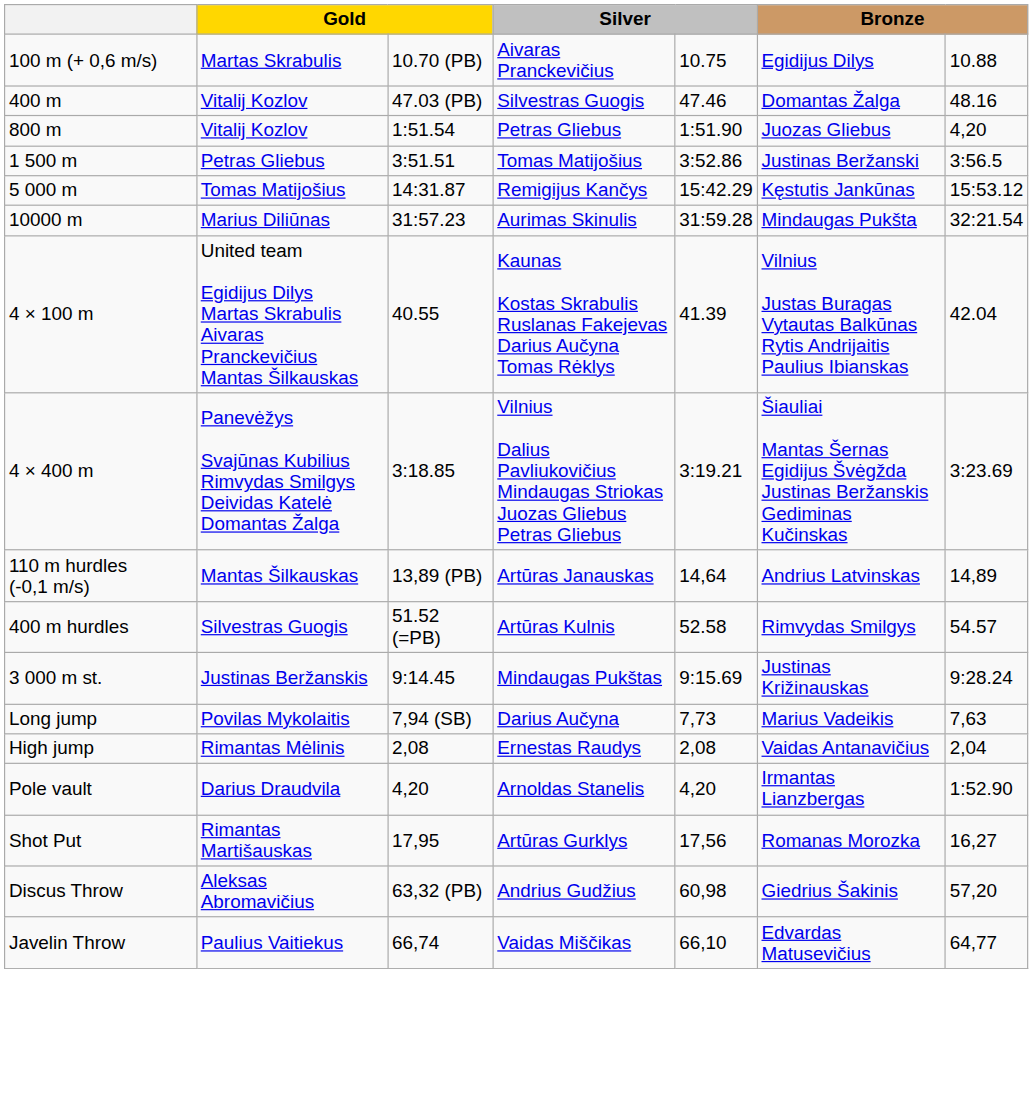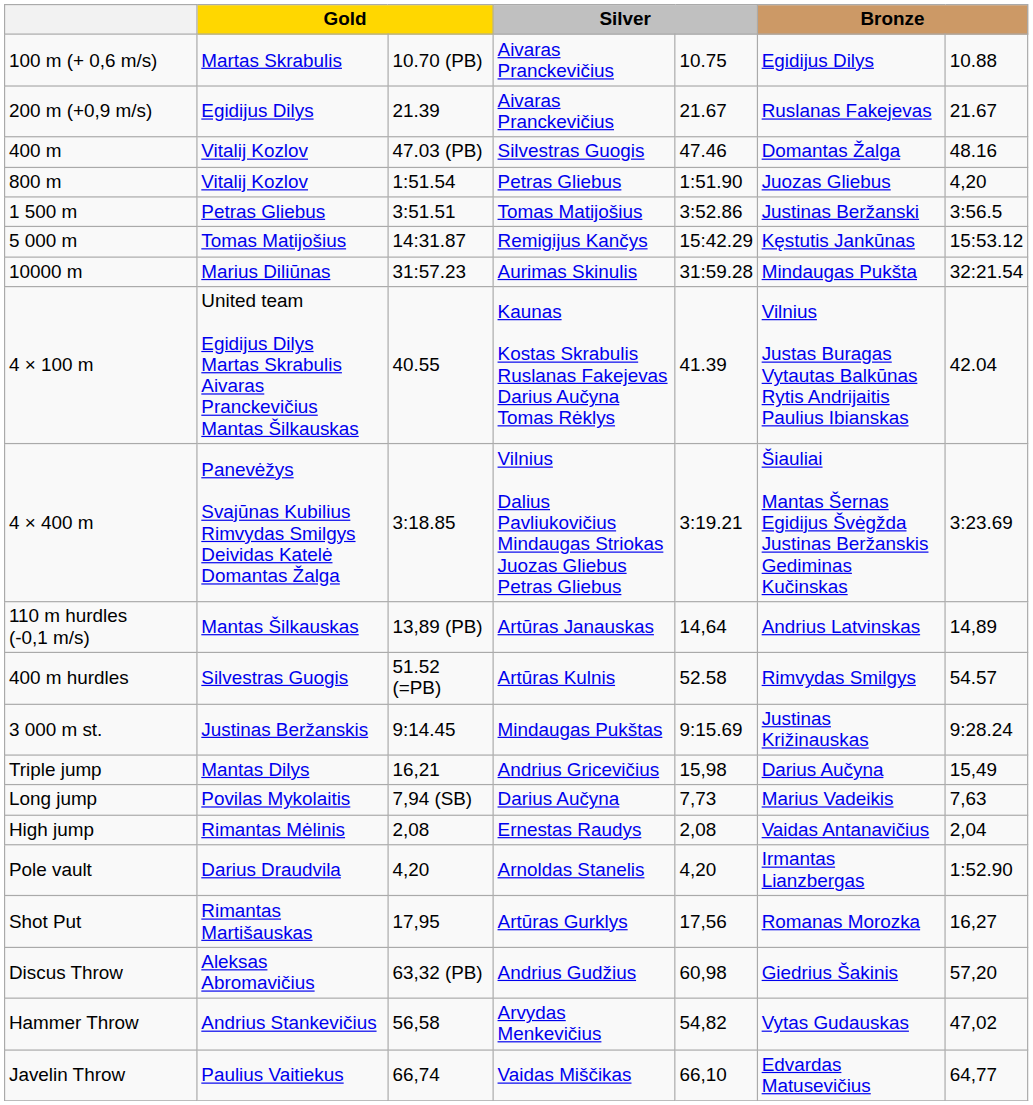 <table class="wikitable">
 <tr>
 <th></th>
 <th style="background:gold;" colspan=2>Gold</th>
 <th style="background:silver;" colspan=2>Silver</th>
 <th style="background:#CC9966;" colspan=2>Bronze</th>
 </tr>
 <tr>
 <td>100 m (+ 0,6 m/s)</td>
 <td><a href='#'>Martas Skrabulis</a></td>
 <td>10.70 (PB)</td>
 <td><a href='#'>Aivaras Pranckevičius</a></td>
 <td>10.75</td>
 <td><a href='#'>Egidijus Dilys</a></td>
 <td>10.88</td>
+</tr>
+<tr>
+<td>200 m (+0,9 m/s)</td>
+<td><a href='#'>Egidijus Dilys</a></td>
+<td>21.39</td>
+<td><a href='#'>Aivaras Pranckevičius</a></td>
+<td>21.67</td>
+<td><a href='#'>Ruslanas Fakejevas</a></td>
+<td>21.67</td>
 </tr>
 <tr>
 <td>400 m</td>
 <td><a href='#'>Vitalij Kozlov</a></td>
 <td>47.03 (PB)</td>
 <td><a href='#'>Silvestras Guogis</a></td>
 <td>47.46</td>
 <td><a href='#'>Domantas Žalga</a></td>
 <td>48.16</td>
 </tr>
 <tr>
 <td>800 m</td>
 <td><a href='#'>Vitalij Kozlov</a></td>
 <td>1:51.54</td>
 <td><a href='#'>Petras Gliebus</a></td>
 <td>1:51.90</td>
 <td><a href='#'>Juozas Gliebus</a></td>
 <td>4,20</td>
 </tr>
 <tr>
 <td>1 500 m</td>
 <td><a href='#'>Petras Gliebus</a></td>
 <td>3:51.51</td>
 <td><a href='#'>Tomas Matijošius</a></td>
 <td>3:52.86</td>
 <td><a href='#'>Justinas Beržanski</a></td>
 <td>3:56.5</td>
 </tr>
 <tr>
 <td>5 000 m</td>
 <td><a href='#'>Tomas Matijošius</a></td>
 <td>14:31.87</td>
 <td><a href='#'>Remigijus Kančys</a></td>
 <td>15:42.29</td>
 <td><a href='#'>Kęstutis Jankūnas</a></td>
 <td>15:53.12</td>
 </tr>
 <tr>
 <td>10000 m</td>
 <td><a href='#'>Marius Diliūnas</a></td>
 <td>31:57.23</td>
 <td><a href='#'>Aurimas Skinulis</a></td>
 <td>31:59.28</td>
 <td><a href='#'>Mindaugas Pukšta</a></td>
 <td>32:21.54</td>
 </tr>
 <tr>
 <td>4 × 100 m</td>
 <td>United team <br><br><a href='#'>Egidijus Dilys</a> <br> <a href='#'>Martas Skrabulis</a> <br> <a href='#'>Aivaras Pranckevičius</a> <br> <a href='#'>Mantas Šilkauskas</a></td>
 <td>40.55</td>
 <td><a href='#'>Kaunas</a> <br><br><a href='#'>Kostas Skrabulis</a> <br> <a href='#'>Ruslanas Fakejevas</a> <br> <a href='#'>Darius Aučyna</a> <br> <a href='#'>Tomas Rėklys</a></td>
 <td>41.39</td>
 <td><a href='#'>Vilnius</a> <br><br><a href='#'>Justas Buragas</a> <br> <a href='#'>Vytautas Balkūnas</a> <br> <a href='#'>Rytis Andrijaitis</a> <br> <a href='#'>Paulius Ibianskas</a></td>
 <td>42.04</td>
 </tr>
 <tr>
 <td>4 × 400 m</td>
 <td><a href='#'>Panevėžys</a> <br><br><a href='#'>Svajūnas Kubilius</a> <br> <a href='#'>Rimvydas Smilgys</a> <br> <a href='#'>Deividas Katelė</a> <br> <a href='#'>Domantas Žalga</a></td>
 <td>3:18.85</td>
 <td><a href='#'>Vilnius</a> <br><br><a href='#'>Dalius Pavliukovičius</a> <br> <a href='#'>Mindaugas Striokas</a> <br> <a href='#'>Juozas Gliebus</a> <br> <a href='#'>Petras Gliebus</a></td>
 <td>3:19.21</td>
 <td><a href='#'>Šiauliai</a> <br><br><a href='#'>Mantas Šernas</a> <br> <a href='#'>Egidijus Švėgžda</a> <br> <a href='#'>Justinas Beržanskis</a> <br> <a href='#'>Gediminas Kučinskas</a></td>
 <td>3:23.69</td>
 </tr>
 <tr>
 <td>110 m hurdles (-0,1 m/s)</td>
 <td><a href='#'>Mantas Šilkauskas</a></td>
 <td>13,89 (PB)</td>
 <td><a href='#'>Artūras Janauskas</a></td>
 <td>14,64</td>
 <td><a href='#'>Andrius Latvinskas</a></td>
 <td>14,89</td>
 </tr>
 <tr>
 <td>400 m hurdles</td>
 <td><a href='#'>Silvestras Guogis</a></td>
 <td>51.52 (=PB)</td>
 <td><a href='#'>Artūras Kulnis</a></td>
 <td>52.58</td>
 <td><a href='#'>Rimvydas Smilgys</a></td>
 <td>54.57</td>
 </tr>
 <tr>
 <td>3 000 m st.</td>
 <td><a href='#'>Justinas Beržanskis</a></td>
 <td>9:14.45</td>
 <td><a href='#'>Mindaugas Pukštas</a></td>
 <td>9:15.69</td>
 <td><a href='#'>Justinas Križinauskas</a></td>
 <td>9:28.24</td>
 </tr>
 <tr>
+<td>Triple jump</td>
+<td><a href='#'>Mantas Dilys</a></td>
+<td>16,21</td>
+<td><a href='#'>Andrius Gricevičius</a></td>
+<td>15,98</td>
+<td><a href='#'>Darius Aučyna</a></td>
+<td>15,49</td>
+</tr>
+<tr>
 <td>Long jump</td>
 <td><a href='#'>Povilas Mykolaitis</a></td>
 <td>7,94 (SB)</td>
 <td><a href='#'>Darius Aučyna</a></td>
 <td>7,73</td>
 <td><a href='#'>Marius Vadeikis</a></td>
 <td>7,63</td>
 </tr>
 <tr>
 <td>High jump</td>
 <td><a href='#'>Rimantas Mėlinis</a></td>
 <td>2,08</td>
 <td><a href='#'>Ernestas Raudys</a></td>
 <td>2,08</td>
 <td><a href='#'>Vaidas Antanavičius</a></td>
 <td>2,04</td>
 </tr>
 <tr>
 <td>Pole vault</td>
 <td><a href='#'>Darius Draudvila</a></td>
 <td>4,20</td>
 <td><a href='#'>Arnoldas Stanelis</a></td>
 <td>4,20</td>
 <td><a href='#'>Irmantas Lianzbergas</a></td>
 <td>1:52.90</td>
 </tr>
 <tr>
 <td>Shot Put</td>
 <td><a href='#'>Rimantas Martišauskas</a></td>
 <td>17,95</td>
 <td><a href='#'>Artūras Gurklys</a></td>
 <td>17,56</td>
 <td><a href='#'>Romanas Morozka</a></td>
 <td>16,27</td>
 </tr>
 <tr>
 <td>Discus Throw</td>
 <td><a href='#'>Aleksas Abromavičius</a></td>
 <td>63,32 (PB)</td>
 <td><a href='#'>Andrius Gudžius</a></td>
 <td>60,98</td>
 <td><a href='#'>Giedrius Šakinis</a></td>
 <td>57,20</td>
 </tr>
 <tr>
+<td>Hammer Throw</td>
+<td><a href='#'>Andrius Stankevičius</a></td>
+<td>56,58</td>
+<td><a href='#'>Arvydas Menkevičius</a></td>
+<td>54,82</td>
+<td><a href='#'>Vytas Gudauskas</a></td>
+<td>47,02</td>
+</tr>
+<tr>
 <td>Javelin Throw</td>
 <td><a href='#'>Paulius Vaitiekus</a></td>
 <td>66,74</td>
 <td><a href='#'>Vaidas Miščikas</a></td>
 <td>66,10</td>
 <td><a href='#'>Edvardas Matusevičius</a></td>
 <td>64,77</td>
 </tr>
 </table>
